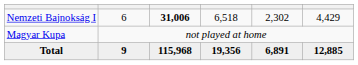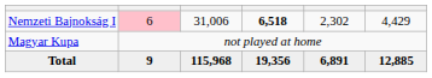 <table class="wikitable" style="text-align: center;">
 <tr>
 <th></th>
 <th style="width:70px;"></th>
 <th style="width:70px;"></th>
 <th style="width:70px;"></th>
 <th style="width:70px;"></th>
 <th style="width:70px;"></th>
 </tr>
 <tr>
 <td align=left><a href='#'>Nemzeti Bajnokság I</a></td>
-<td>6</td>
-<td><strong> 31,006</strong></td>
-<td>6,518</td>
+<td style="background: pink;">6</td>
+<td> 31,006</td>
+<td><strong>6,518</strong></td>
 <td>2,302</td>
 <td>4,429</td>
 </tr>
 <tr>
 <td align=left><a href='#'>Magyar Kupa</a></td>
 <td colspan="5"><em>not played at home</em></td>
 </tr>
 <tr bgcolor="#EFEFEF">
 <td><strong>Total</strong></td>
 <td><strong>9</strong></td>
 <td><strong>115,968</strong></td>
 <td><strong>19,356</strong></td>
 <td><strong>6,891</strong></td>
 <td><strong>12,885</strong></td>
 </tr>
 </table>
